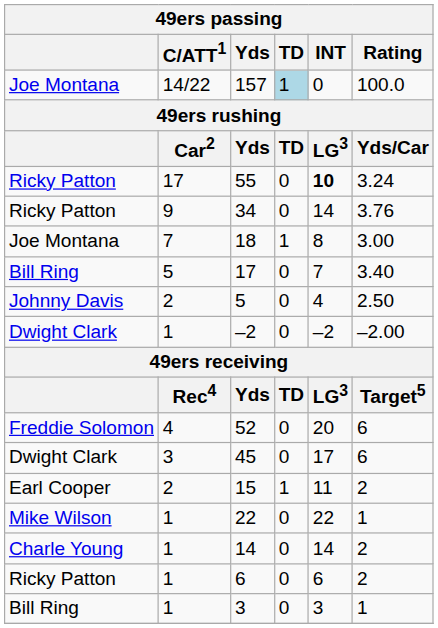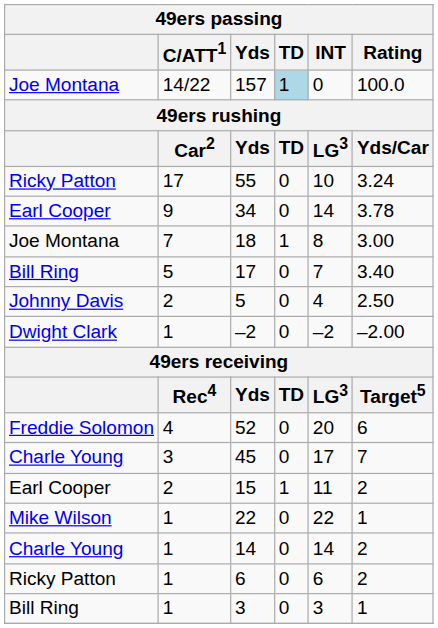 <table class="wikitable">
 <tr>
 <th colspan=6>49ers passing</th>
 </tr>
 <tr>
 <th></th>
 <th>C/ATT<sup>1</sup></th>
 <th>Yds</th>
 <th>TD</th>
 <th>INT</th>
 <th>Rating</th>
 </tr>
 <tr>
 <td><a href='#'>Joe Montana</a></td>
 <td>14/22</td>
 <td>157</td>
 <td style="background: lightblue;">1</td>
 <td>0</td>
 <td>100.0</td>
 </tr>
 <tr>
 <th colspan=6>49ers rushing</th>
 </tr>
 <tr>
 <th></th>
 <th>Car<sup>2</sup></th>
 <th>Yds</th>
 <th>TD</th>
 <th>LG<sup>3</sup></th>
 <th>Yds/Car</th>
 </tr>
 <tr>
 <td><a href='#'>Ricky Patton</a></td>
 <td>17</td>
 <td>55</td>
 <td>0</td>
-<td><strong>10</strong></td>
+<td>10</td>
 <td>3.24</td>
 </tr>
 <tr>
-<td>Ricky Patton</td>
+<td><a href='#'>Earl Cooper</a></td>
 <td>9</td>
 <td>34</td>
 <td>0</td>
 <td>14</td>
-<td>3.76</td>
+<td>3.78</td>
 </tr>
 <tr>
 <td>Joe Montana</td>
 <td>7</td>
 <td>18</td>
 <td>1</td>
 <td>8</td>
 <td>3.00</td>
 </tr>
 <tr>
 <td><a href='#'>Bill Ring</a></td>
 <td>5</td>
 <td>17</td>
 <td>0</td>
 <td>7</td>
 <td>3.40</td>
 </tr>
 <tr>
 <td><a href='#'>Johnny Davis</a></td>
 <td>2</td>
 <td>5</td>
 <td>0</td>
 <td>4</td>
 <td>2.50</td>
 </tr>
 <tr>
 <td><a href='#'>Dwight Clark</a></td>
 <td>1</td>
 <td>–2</td>
 <td>0</td>
 <td>–2</td>
 <td>–2.00</td>
 </tr>
 <tr>
 <th colspan=6>49ers receiving</th>
 </tr>
 <tr>
 <th></th>
 <th>Rec<sup>4</sup></th>
 <th>Yds</th>
 <th>TD</th>
 <th>LG<sup>3</sup></th>
 <th>Target<sup>5</sup></th>
 </tr>
 <tr>
 <td><a href='#'>Freddie Solomon</a></td>
 <td>4</td>
 <td>52</td>
 <td>0</td>
 <td>20</td>
 <td>6</td>
 </tr>
 <tr>
-<td>Dwight Clark</td>
+<td><a href='#'>Charle Young</a></td>
 <td>3</td>
 <td>45</td>
 <td>0</td>
 <td>17</td>
-<td>6</td>
+<td>7</td>
 </tr>
 <tr>
 <td>Earl Cooper</td>
 <td>2</td>
 <td>15</td>
 <td>1</td>
 <td>11</td>
 <td>2</td>
 </tr>
 <tr>
 <td><a href='#'>Mike Wilson</a></td>
 <td>1</td>
 <td>22</td>
 <td>0</td>
 <td>22</td>
 <td>1</td>
 </tr>
 <tr>
 <td><a href='#'>Charle Young</a></td>
 <td>1</td>
 <td>14</td>
 <td>0</td>
 <td>14</td>
 <td>2</td>
 </tr>
 <tr>
 <td>Ricky Patton</td>
 <td>1</td>
 <td>6</td>
 <td>0</td>
 <td>6</td>
 <td>2</td>
 </tr>
 <tr>
 <td>Bill Ring</td>
 <td>1</td>
 <td>3</td>
 <td>0</td>
 <td>3</td>
 <td>1</td>
 </tr>
 <tr>
 </tr>
 </table>
